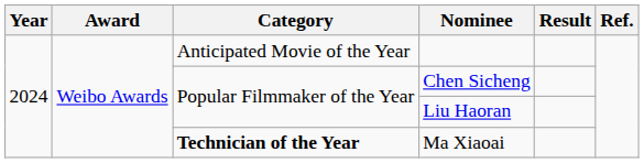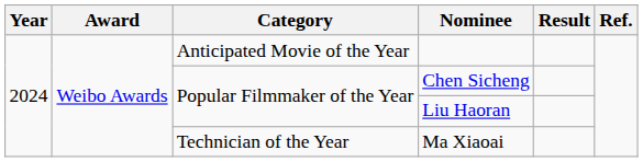 <table class="wikitable plainrowheaders">
 <tr>
 <th>Year</th>
 <th>Award</th>
 <th>Category</th>
 <th>Nominee</th>
 <th>Result</th>
 <th>Ref.</th>
 </tr>
 <tr>
 <td rowspan="4">2024</td>
 <td rowspan="4"><a href='#'>Weibo Awards</a></td>
 <td>Anticipated Movie of the Year</td>
 <td></td>
 <td></td>
 <td rowspan="4"></td>
 </tr>
 <tr>
 <td rowspan="2">Popular Filmmaker of the Year</td>
 <td><a href='#'>Chen Sicheng</a></td>
 <td></td>
 </tr>
 <tr>
 <td><a href='#'>Liu Haoran</a></td>
 <td></td>
 </tr>
 <tr>
-<td><strong>Technician of the Year</strong></td>
+<td>Technician of the Year</td>
 <td>Ma Xiaoai</td>
 <td></td>
 </tr>
 </table>
